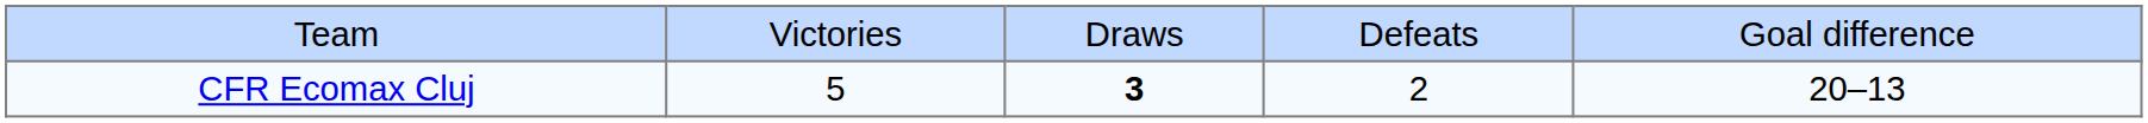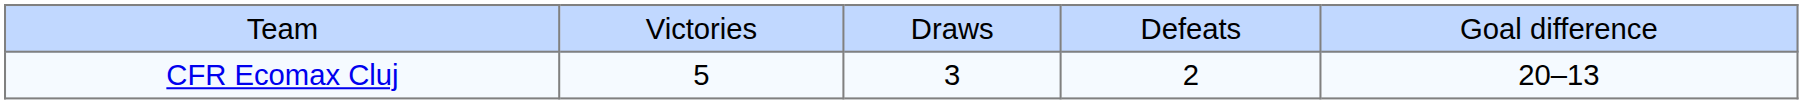 <table border=1 style="border-collapse:collapse; font-size:90%;" cellpadding=3 cellspacing=0 width=100%>
 <tr bgcolor=#C1D8FF align=center>
 <td>Team</td>
 <td>Victories</td>
 <td>Draws</td>
 <td>Defeats</td>
 <td>Goal difference</td>
 </tr>
 <tr align=center bgcolor=#F5FAFF>
 <td><a href='#'>CFR Ecomax Cluj</a></td>
 <td>5</td>
-<td><strong>3</strong></td>
+<td>3</td>
 <td>2</td>
 <td>20–13</td>
 </tr>
 </table>
